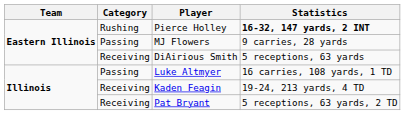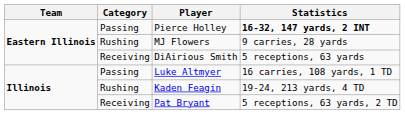 <table class="wikitable" style="float: right;">
 <tr>
 <th>Team</th>
 <th>Category</th>
 <th>Player</th>
 <th>Statistics</th>
 </tr>
 <tr>
 <td rowspan=3><strong>Eastern Illinois</strong></td>
-<td>Rushing</td>
+<td>Passing</td>
 <td>Pierce Holley</td>
 <td><strong>16-32, 147 yards, 2 INT</strong></td>
 </tr>
 <tr>
-<td>Passing</td>
+<td>Rushing</td>
 <td>MJ Flowers</td>
 <td>9 carries, 28 yards</td>
 </tr>
 <tr>
 <td>Receiving</td>
 <td>DiAirious Smith</td>
 <td>5 receptions, 63 yards</td>
 </tr>
 <tr>
 <td rowspan=3><strong>Illinois</strong></td>
 <td>Passing</td>
 <td><a href='#'>Luke Altmyer</a></td>
 <td>16 carries, 108 yards, 1 TD</td>
 </tr>
 <tr>
-<td>Receiving</td>
+<td>Rushing</td>
 <td><a href='#'>Kaden Feagin</a></td>
 <td>19-24, 213 yards, 4 TD</td>
 </tr>
 <tr>
 <td>Receiving</td>
 <td><a href='#'>Pat Bryant</a></td>
 <td>5 receptions, 63 yards, 2 TD</td>
 </tr>
 </table>
